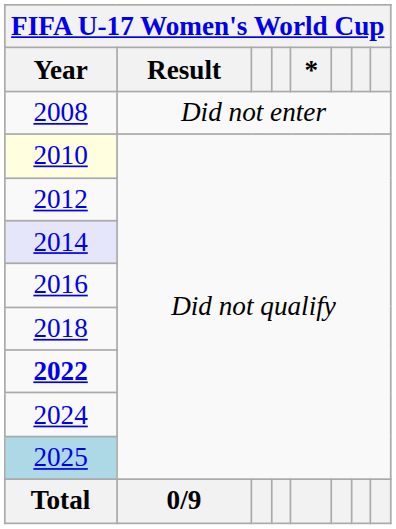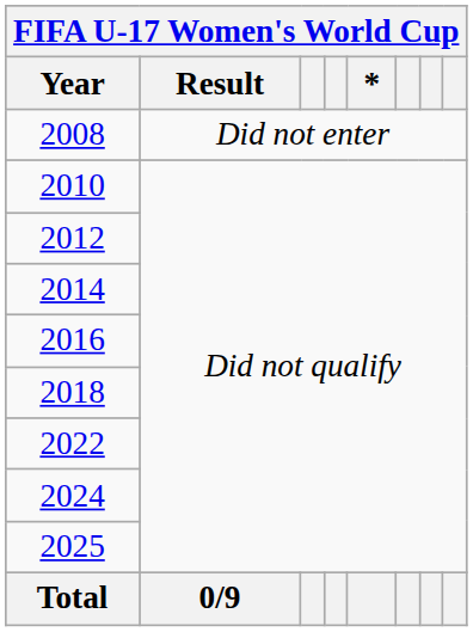 <table class="wikitable" style="text-align: center;">
 <tr>
 <th colspan=9><a href='#'>FIFA U-17 Women's World Cup</a></th>
 </tr>
 <tr>
 <th>Year</th>
 <th>Result</th>
 <th></th>
 <th></th>
 <th> *</th>
 <th></th>
 <th></th>
 <th></th>
 </tr>
 <tr>
 <td> <a href='#'>2008</a></td>
 <td colspan=8><em>Did not enter</em></td>
 </tr>
 <tr>
-<td style="background: lightyellow;"> <a href='#'>2010</a></td>
+<td> <a href='#'>2010</a></td>
 <td rowspan=8 colspan=8><em>Did not qualify</em></td>
 </tr>
 <tr>
 <td> <a href='#'>2012</a></td>
 </tr>
 <tr>
-<td style="background: lavender;"> <a href='#'>2014</a></td>
+<td> <a href='#'>2014</a></td>
 </tr>
 <tr>
 <td> <a href='#'>2016</a></td>
 </tr>
 <tr>
 <td> <a href='#'>2018</a></td>
 </tr>
 <tr>
-<td><strong> <a href='#'>2022</a></strong></td>
+<td> <a href='#'>2022</a></td>
 </tr>
 <tr>
 <td> <a href='#'>2024</a></td>
 </tr>
 <tr>
-<td style="background: lightblue;"> <a href='#'>2025</a></td>
+<td> <a href='#'>2025</a></td>
 </tr>
 <tr>
 <th>Total</th>
 <th>0/9</th>
 <th></th>
 <th></th>
 <th></th>
 <th></th>
 <th></th>
 <th></th>
 </tr>
 </table>
